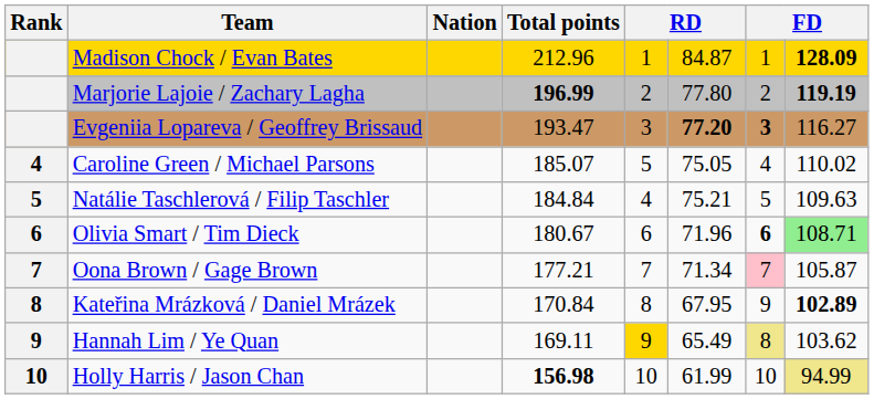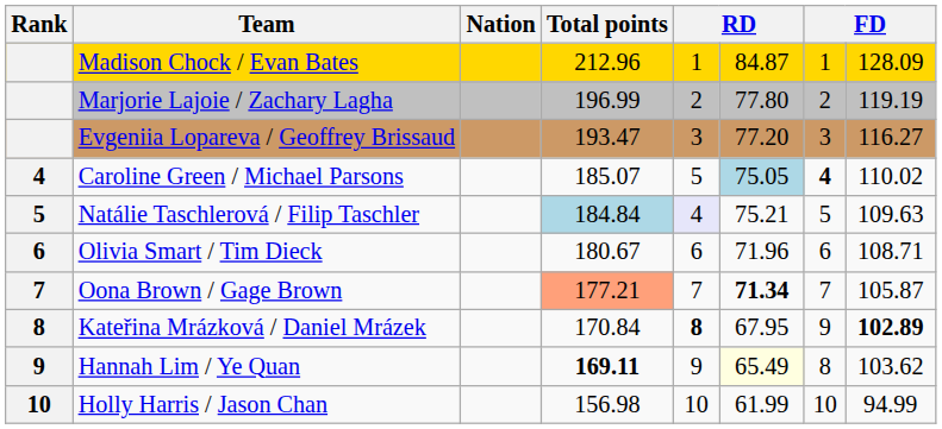 <table class="wikitable sortable" style="text-align:left">
 <tr>
 <th scope="col">Rank</th>
 <th scope="col">Team</th>
 <th scope="col">Nation</th>
 <th scope="col">Total points</th>
 <th scope="col" colspan="2" width="80px"><a href='#'>RD</a></th>
 <th scope="col" colspan="2" width="80px"><a href='#'>FD</a></th>
 </tr>
 <tr bgcolor="gold">
 <th scope="row"></th>
 <td><a href='#'>Madison Chock</a> / <a href='#'>Evan Bates</a></td>
 <td></td>
 <td align="center">212.96</td>
 <td align="center">1</td>
 <td align="center">84.87</td>
 <td align="center">1</td>
-<td align="center"><strong>128.09</strong></td>
+<td align="center">128.09</td>
 </tr>
 <tr bgcolor="silver">
 <th scope="row"></th>
 <td><a href='#'>Marjorie Lajoie</a> / <a href='#'>Zachary Lagha</a></td>
 <td></td>
-<td align="center"><strong>196.99</strong></td>
+<td align="center">196.99</td>
 <td align="center">2</td>
 <td align="center">77.80</td>
 <td align="center">2</td>
-<td align="center"><strong>119.19</strong></td>
+<td align="center">119.19</td>
 </tr>
 <tr bgcolor="cc9966">
 <th scope="row"></th>
 <td><a href='#'>Evgeniia Lopareva</a> / <a href='#'>Geoffrey Brissaud</a></td>
 <td></td>
 <td align="center">193.47</td>
 <td align="center">3</td>
-<td align="center"><strong>77.20</strong></td>
-<td align="center"><strong>3</strong></td>
+<td align="center">77.20</td>
+<td align="center">3</td>
 <td align="center">116.27</td>
 </tr>
 <tr>
 <th scope="row">4</th>
 <td><a href='#'>Caroline Green</a> / <a href='#'>Michael Parsons</a></td>
 <td></td>
 <td align="center">185.07</td>
 <td align="center">5</td>
-<td align="center">75.05</td>
-<td align="center">4</td>
+<td align="center" style="background: lightblue;">75.05</td>
+<td align="center"><strong>4</strong></td>
 <td align="center">110.02</td>
 </tr>
 <tr>
 <th scope="row">5</th>
 <td><a href='#'>Natálie Taschlerová</a> / <a href='#'>Filip Taschler</a></td>
 <td></td>
-<td align="center">184.84</td>
-<td align="center">4</td>
+<td align="center" style="background: lightblue;">184.84</td>
+<td align="center" style="background: lavender;">4</td>
 <td align="center">75.21</td>
 <td align="center">5</td>
 <td align="center">109.63</td>
 </tr>
 <tr>
 <th scope="row">6</th>
 <td><a href='#'>Olivia Smart</a> / <a href='#'>Tim Dieck</a></td>
 <td></td>
 <td align="center">180.67</td>
 <td align="center">6</td>
 <td align="center">71.96</td>
-<td align="center"><strong>6</strong></td>
-<td align="center" style="background: lightgreen;">108.71</td>
+<td align="center">6</td>
+<td align="center">108.71</td>
 </tr>
 <tr>
 <th scope="row">7</th>
 <td><a href='#'>Oona Brown</a> / <a href='#'>Gage Brown</a></td>
 <td></td>
-<td align="center">177.21</td>
+<td align="center" style="background: lightsalmon;">177.21</td>
 <td align="center">7</td>
-<td align="center">71.34</td>
-<td align="center" style="background: pink;">7</td>
+<td align="center"><strong>71.34</strong></td>
+<td align="center">7</td>
 <td align="center">105.87</td>
 </tr>
 <tr>
 <th scope="row">8</th>
 <td><a href='#'>Kateřina Mrázková</a> / <a href='#'>Daniel Mrázek</a></td>
 <td></td>
 <td align="center">170.84</td>
-<td align="center">8</td>
+<td align="center"><strong>8</strong></td>
 <td align="center">67.95</td>
 <td align="center">9</td>
 <td align="center"><strong>102.89</strong></td>
 </tr>
 <tr>
 <th scope="row">9</th>
 <td><a href='#'>Hannah Lim</a> / <a href='#'>Ye Quan</a></td>
 <td></td>
-<td align="center">169.11</td>
-<td align="center" style="background: gold;">9</td>
-<td align="center">65.49</td>
-<td align="center" style="background: khaki;">8</td>
+<td align="center"><strong>169.11</strong></td>
+<td align="center">9</td>
+<td align="center" style="background: lightyellow;">65.49</td>
+<td align="center">8</td>
 <td align="center">103.62</td>
 </tr>
 <tr>
 <th scope="row">10</th>
 <td><a href='#'>Holly Harris</a> / <a href='#'>Jason Chan</a></td>
 <td></td>
-<td align="center"><strong>156.98</strong></td>
+<td align="center">156.98</td>
 <td align="center">10</td>
 <td align="center">61.99</td>
 <td align="center">10</td>
-<td align="center" style="background: khaki;">94.99</td>
+<td align="center">94.99</td>
 </tr>
 </table>
